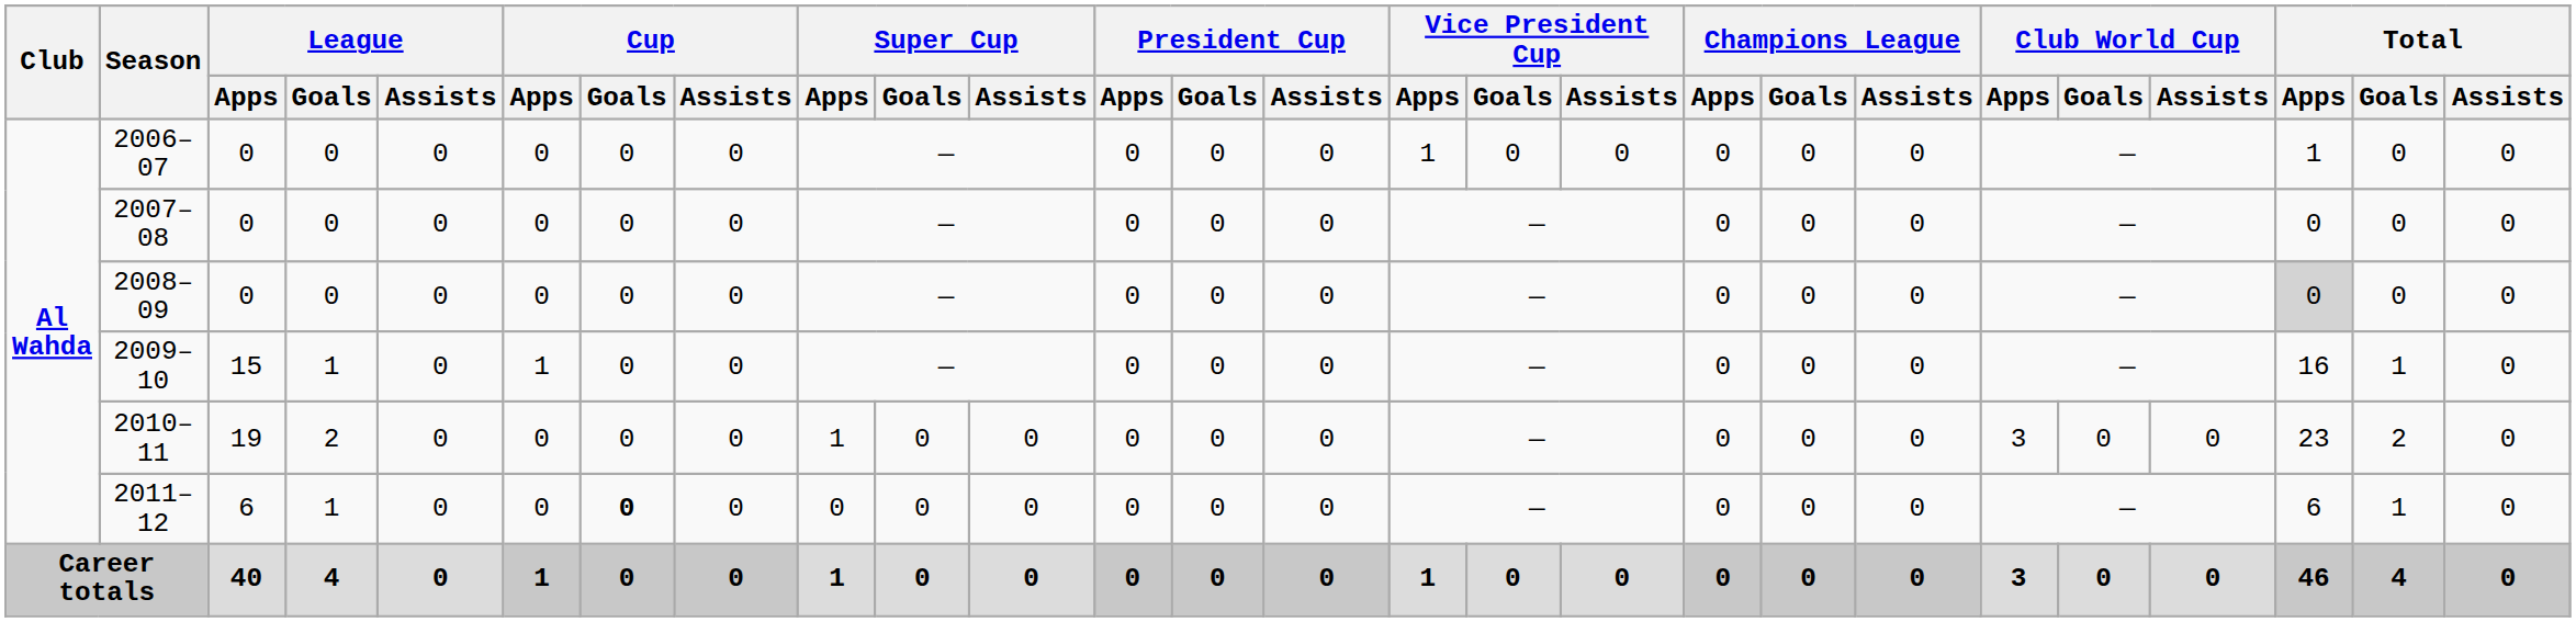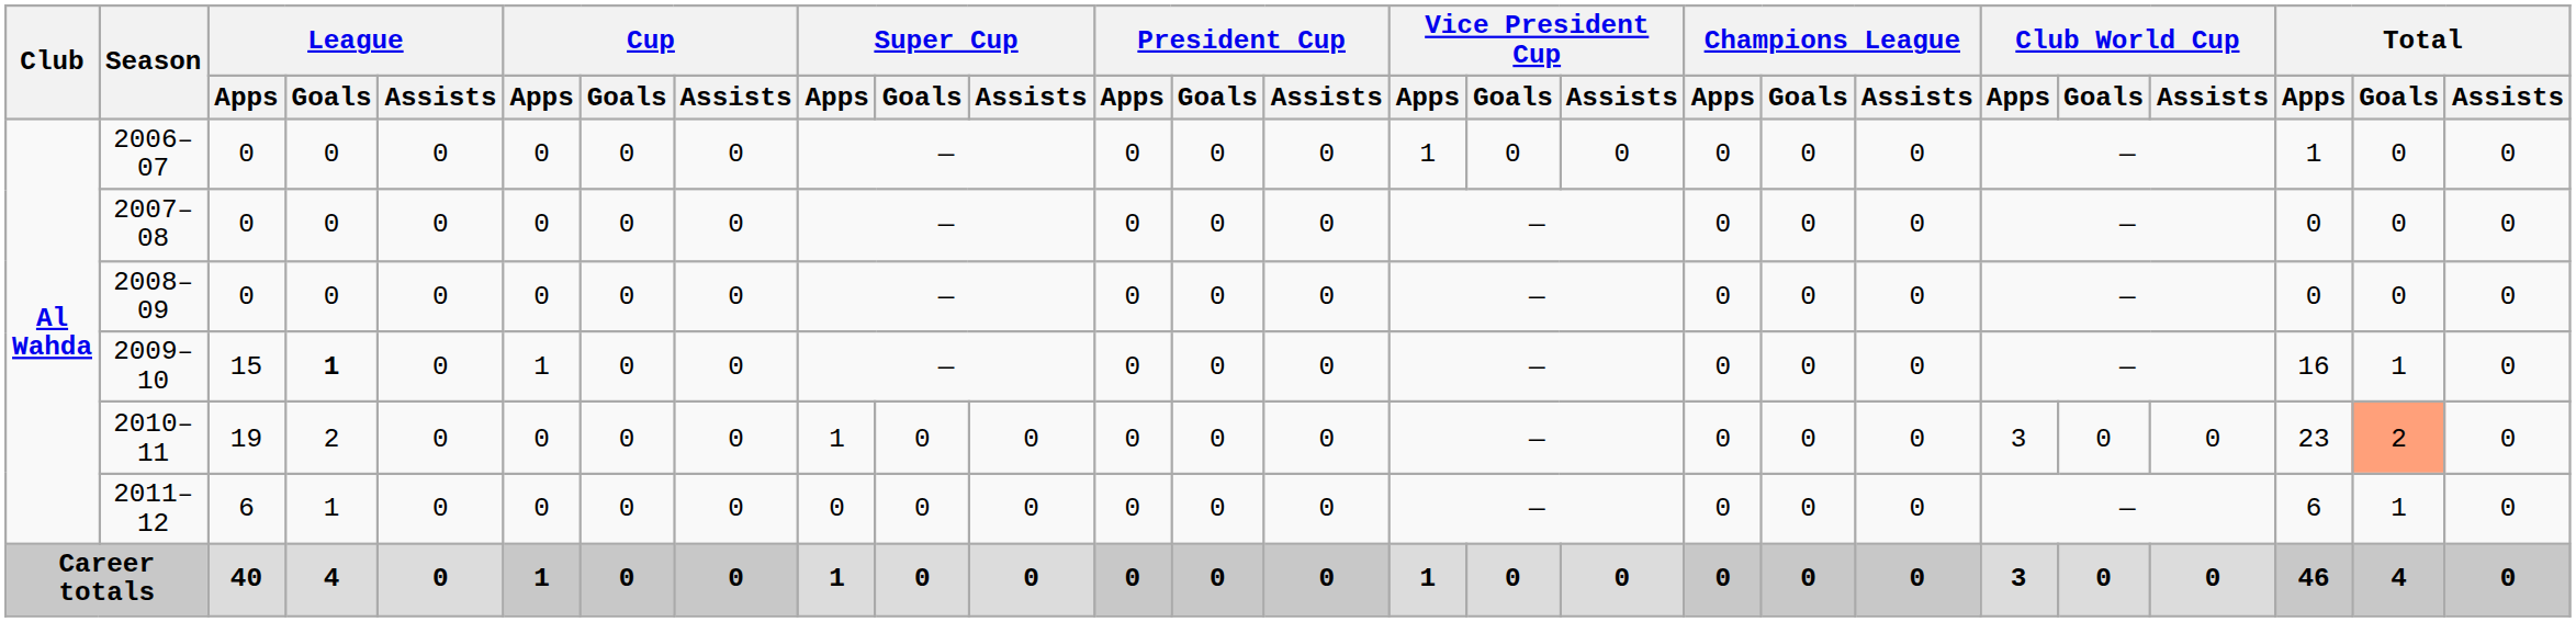 <table class="wikitable" style="font-size:85%; text-align: center;">
 <tr>
 <th rowspan="2">Club</th>
 <th rowspan="2">Season</th>
 <th colspan="3"><a href='#'>League</a></th>
 <th colspan="3"><a href='#'>Cup</a></th>
 <th colspan="3"><a href='#'>Super Cup</a></th>
 <th colspan="3"><a href='#'>President Cup</a></th>
 <th colspan="3"><a href='#'>Vice President Cup</a></th>
 <th colspan="3"><a href='#'>Champions League</a></th>
 <th colspan=3><a href='#'>Club World Cup</a></th>
 <th colspan="3">Total</th>
 </tr>
 <tr>
 <th>Apps</th>
 <th>Goals</th>
 <th>Assists</th>
 <th>Apps</th>
 <th>Goals</th>
 <th>Assists</th>
 <th>Apps</th>
 <th>Goals</th>
 <th>Assists</th>
 <th>Apps</th>
 <th>Goals</th>
 <th>Assists</th>
 <th>Apps</th>
 <th>Goals</th>
 <th>Assists</th>
 <th>Apps</th>
 <th>Goals</th>
 <th>Assists</th>
 <th>Apps</th>
 <th>Goals</th>
 <th>Assists</th>
 <th>Apps</th>
 <th>Goals</th>
 <th>Assists</th>
 </tr>
 <tr align=center>
 <td rowspan="6" style="text-align:center;"><strong><a href='#'>Al Wahda</a> </strong></td>
 <td>2006–07</td>
 <td>0</td>
 <td>0</td>
 <td>0</td>
 <td>0</td>
 <td>0</td>
 <td>0</td>
 <td colspan="3">—</td>
 <td>0</td>
 <td>0</td>
 <td>0</td>
 <td>1</td>
 <td>0</td>
 <td>0</td>
 <td>0</td>
 <td>0</td>
 <td>0</td>
 <td colspan="3">—</td>
 <td>1</td>
 <td>0</td>
 <td>0</td>
 </tr>
 <tr align=center>
 <td>2007–08</td>
 <td>0</td>
 <td>0</td>
 <td>0</td>
 <td>0</td>
 <td>0</td>
 <td>0</td>
 <td colspan="3">—</td>
 <td>0</td>
 <td>0</td>
 <td>0</td>
 <td colspan="3">—</td>
 <td>0</td>
 <td>0</td>
 <td>0</td>
 <td colspan="3">—</td>
 <td>0</td>
 <td>0</td>
 <td>0</td>
 </tr>
 <tr align=center>
 <td>2008–09</td>
 <td>0</td>
 <td>0</td>
 <td>0</td>
 <td>0</td>
 <td>0</td>
 <td>0</td>
 <td colspan="3">—</td>
 <td>0</td>
 <td>0</td>
 <td>0</td>
 <td colspan="3">—</td>
 <td>0</td>
 <td>0</td>
 <td>0</td>
 <td colspan="3">—</td>
-<td style="background: lightgrey;">0</td>
+<td>0</td>
 <td>0</td>
 <td>0</td>
 </tr>
 <tr align=center>
 <td>2009–10</td>
 <td>15</td>
-<td>1</td>
+<td><strong>1</strong></td>
 <td>0</td>
 <td>1</td>
 <td>0</td>
 <td>0</td>
 <td colspan="3">—</td>
 <td>0</td>
 <td>0</td>
 <td>0</td>
 <td colspan="3">—</td>
 <td>0</td>
 <td>0</td>
 <td>0</td>
 <td colspan="3">—</td>
 <td>16</td>
 <td>1</td>
 <td>0</td>
 </tr>
 <tr align=center>
 <td>2010–11</td>
 <td>19</td>
 <td>2</td>
 <td>0</td>
 <td>0</td>
 <td>0</td>
 <td>0</td>
 <td>1</td>
 <td>0</td>
 <td>0</td>
 <td>0</td>
 <td>0</td>
 <td>0</td>
 <td colspan="3">—</td>
 <td>0</td>
 <td>0</td>
 <td>0</td>
 <td>3</td>
 <td>0</td>
 <td>0</td>
 <td>23</td>
-<td>2</td>
+<td style="background: lightsalmon;">2</td>
 <td>0</td>
 </tr>
 <tr align=center>
 <td>2011–12</td>
 <td>6</td>
 <td>1</td>
 <td>0</td>
 <td>0</td>
-<td><strong>0</strong></td>
+<td>0</td>
 <td>0</td>
 <td>0</td>
 <td>0</td>
 <td>0</td>
 <td>0</td>
 <td>0</td>
 <td>0</td>
 <td colspan="3">—</td>
 <td>0</td>
 <td>0</td>
 <td>0</td>
 <td colspan="3">—</td>
 <td>6</td>
 <td>1</td>
 <td>0</td>
 </tr>
 <tr align=center>
 <th style="background: #C8C8C8" colspan="2">Career totals</th>
 <th style="background: #DCDCDC">40</th>
 <th style="background: #DCDCDC">4</th>
 <th style="background: #DCDCDC">0</th>
 <th style="background: #C8C8C8">1</th>
 <th style="background: #C8C8C8">0</th>
 <th style="background: #C8C8C8">0</th>
 <th style="background: #DCDCDC">1</th>
 <th style="background: #DCDCDC">0</th>
 <th style="background: #DCDCDC">0</th>
 <th style="background: #C8C8C8">0</th>
 <th style="background: #C8C8C8">0</th>
 <th style="background: #C8C8C8">0</th>
 <th style="background: #DCDCDC">1</th>
 <th style="background: #DCDCDC">0</th>
 <th style="background: #DCDCDC">0</th>
 <th style="background: #C8C8C8">0</th>
 <th style="background: #C8C8C8">0</th>
 <th style="background: #C8C8C8">0</th>
 <th style="background: #DCDCDC">3</th>
 <th style="background: #DCDCDC">0</th>
 <th style="background: #DCDCDC">0</th>
 <th style="background: #C8C8C8">46</th>
 <th style="background: #C8C8C8">4</th>
 <th style="background: #C8C8C8">0</th>
 </tr>
 </table>
